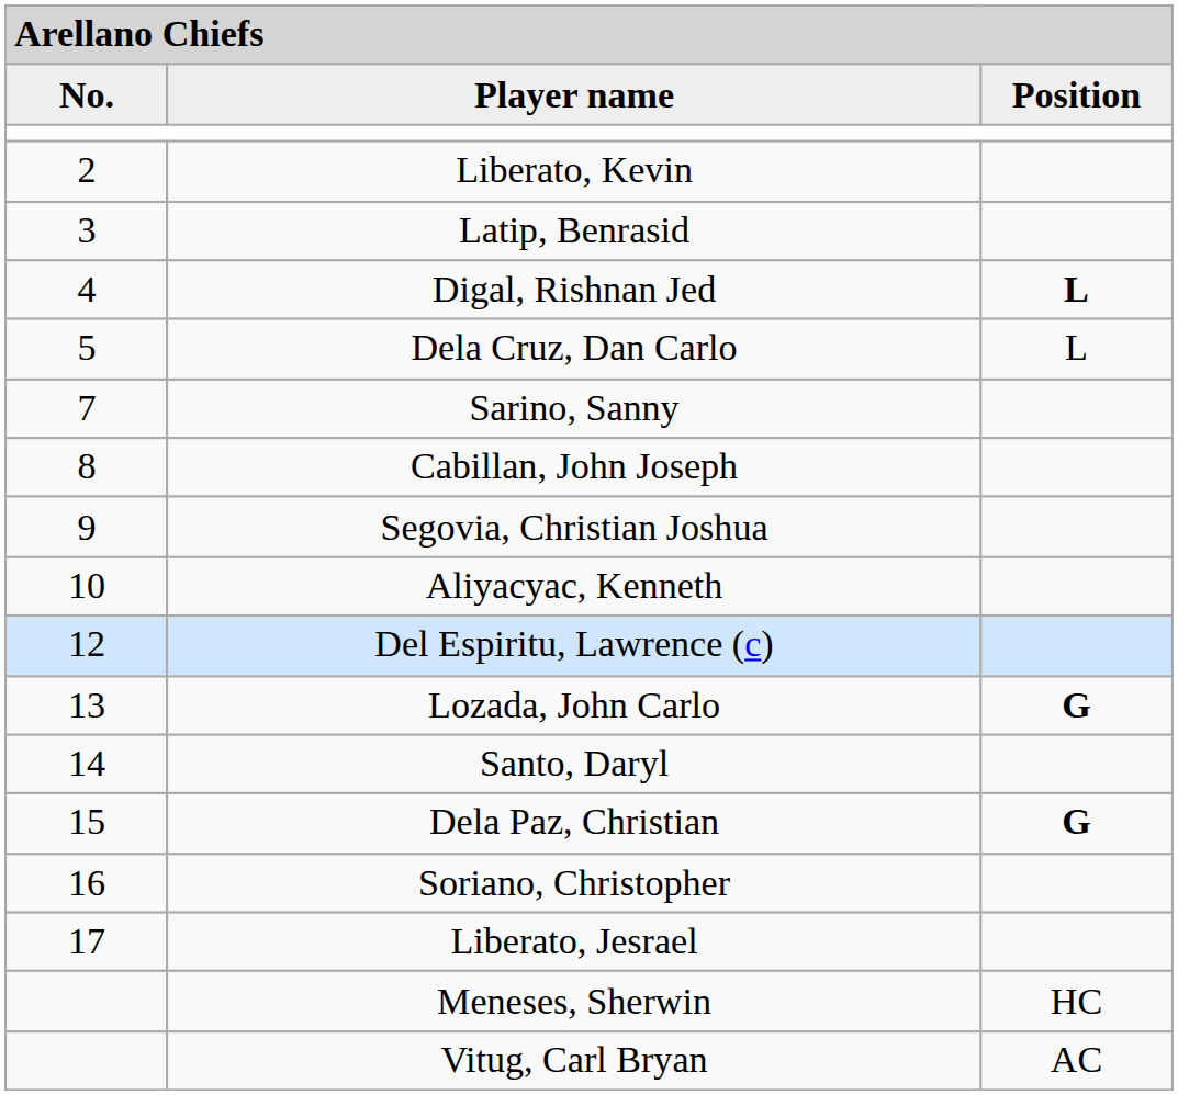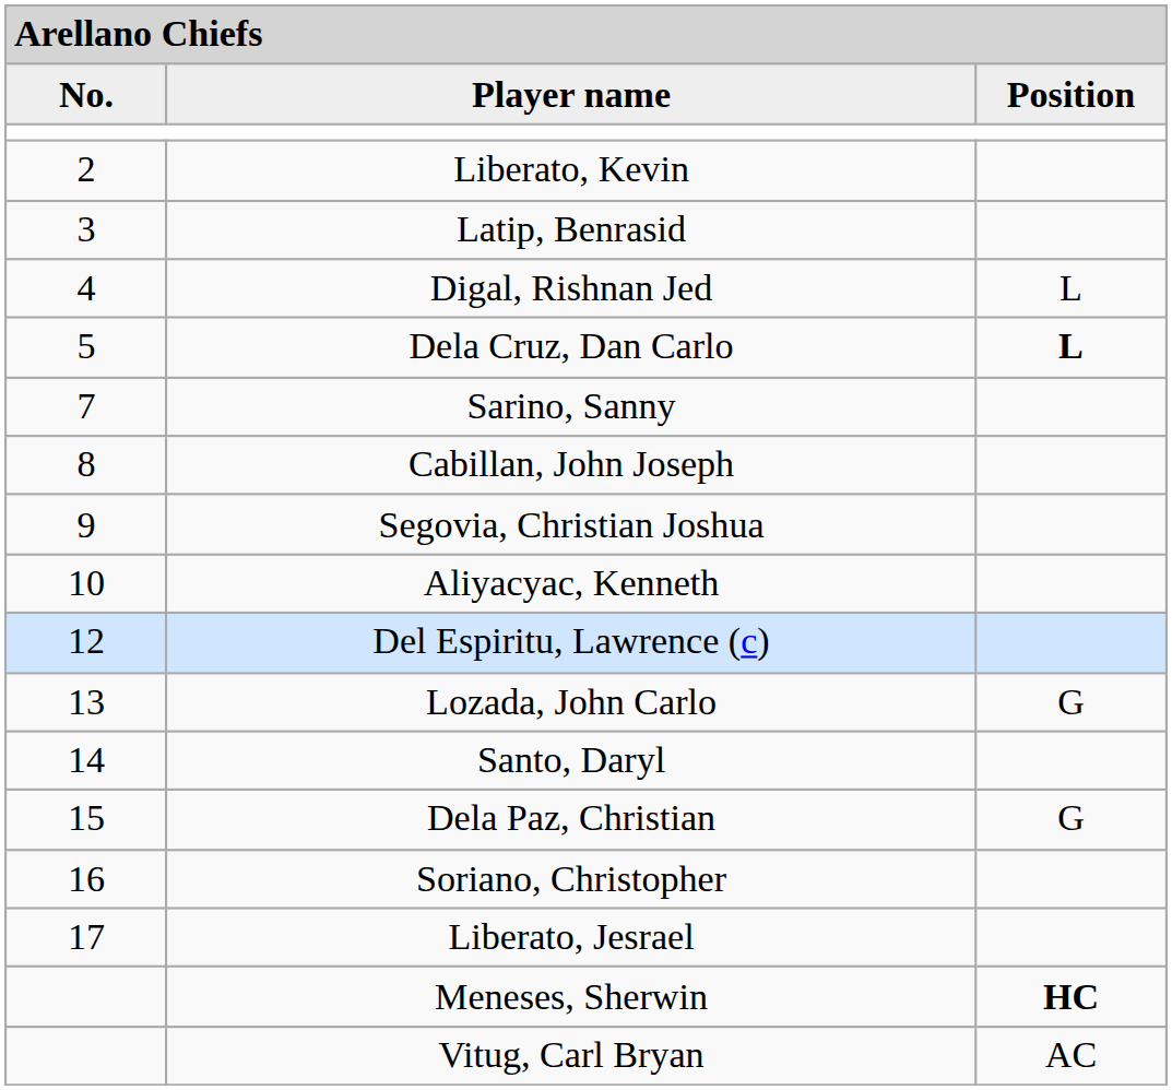 <table class='wikitable mw-collapsible mw-collapsed' style='text-align: center; width: 500px; border: none;'>
 <tr>
 <th style="background:#D4D4D4; text-align:left;" colspan=3> Arellano Chiefs</th>
 </tr>
 <tr style="background:#EEEEEE; font-weight:bold;">
 <td width=10%>No.</td>
 <td width=50%>Player name</td>
 <td width=10%>Position</td>
 </tr>
 <tr style="background:#FFFFFF;">
 <td colspan=3 align=center></td>
 </tr>
 <tr>
 <td align=center>2</td>
 <td>Liberato, Kevin</td>
 <td align=center></td>
 </tr>
 <tr>
 <td align=center>3</td>
 <td>Latip, Benrasid</td>
 <td align=center></td>
 </tr>
 <tr>
 <td align=center>4</td>
 <td>Digal, Rishnan Jed</td>
-<td align=center><strong>L</strong></td>
+<td align=center>L</td>
 </tr>
 <tr>
 <td align=center>5</td>
 <td>Dela Cruz, Dan Carlo</td>
-<td align=center>L</td>
+<td align=center><strong>L</strong></td>
 </tr>
 <tr>
 <td align=center>7</td>
 <td>Sarino, Sanny</td>
 <td align=center></td>
 </tr>
 <tr>
 <td align=center>8</td>
 <td>Cabillan, John Joseph</td>
 <td align=center></td>
 </tr>
 <tr>
 <td align=center>9</td>
 <td>Segovia, Christian Joshua</td>
 <td align=center></td>
 </tr>
 <tr>
 <td align=center>10</td>
 <td>Aliyacyac, Kenneth</td>
 <td align=center></td>
 </tr>
 <tr style="background:#D0E6FF;">
 <td align=center>12</td>
 <td>Del Espiritu, Lawrence (<a href='#'>c</a>)</td>
 <td align=center></td>
 </tr>
 <tr>
 <td align=center>13</td>
 <td>Lozada, John Carlo</td>
-<td align=center><strong>G</strong></td>
+<td align=center>G</td>
 </tr>
 <tr>
 <td align=center>14</td>
 <td>Santo, Daryl</td>
 <td align=center></td>
 </tr>
 <tr>
 <td align=center>15</td>
 <td>Dela Paz, Christian</td>
-<td align=center><strong>G</strong></td>
+<td align=center>G</td>
 </tr>
 <tr>
 <td align=center>16</td>
 <td>Soriano, Christopher</td>
 <td align=center></td>
 </tr>
 <tr>
 <td align=center>17</td>
 <td>Liberato, Jesrael</td>
 <td align=center></td>
 </tr>
 <tr>
 <td align=center></td>
 <td>Meneses, Sherwin</td>
-<td align=center>HC</td>
+<td align=center><strong>HC</strong></td>
 </tr>
 <tr>
 <td align=center></td>
 <td>Vitug, Carl Bryan</td>
 <td align=center>AC</td>
 </tr>
 <tr>
 </tr>
 </table>
